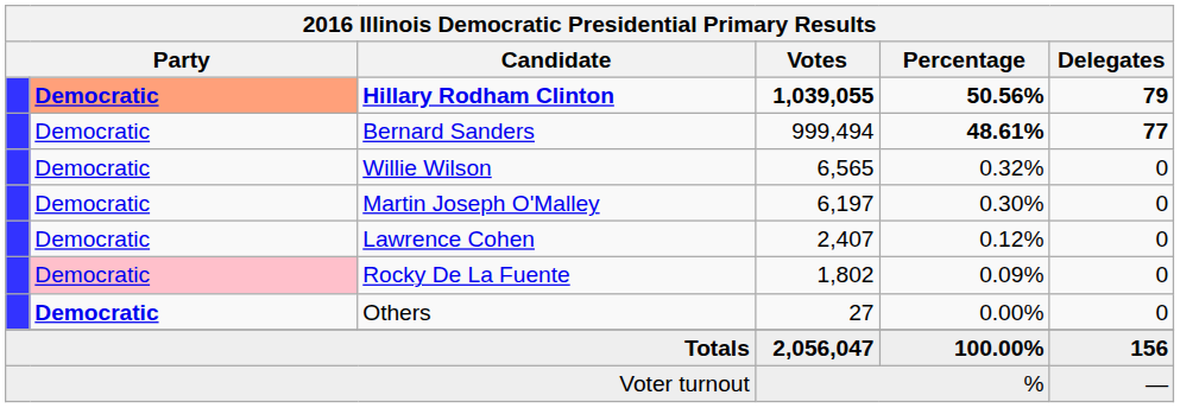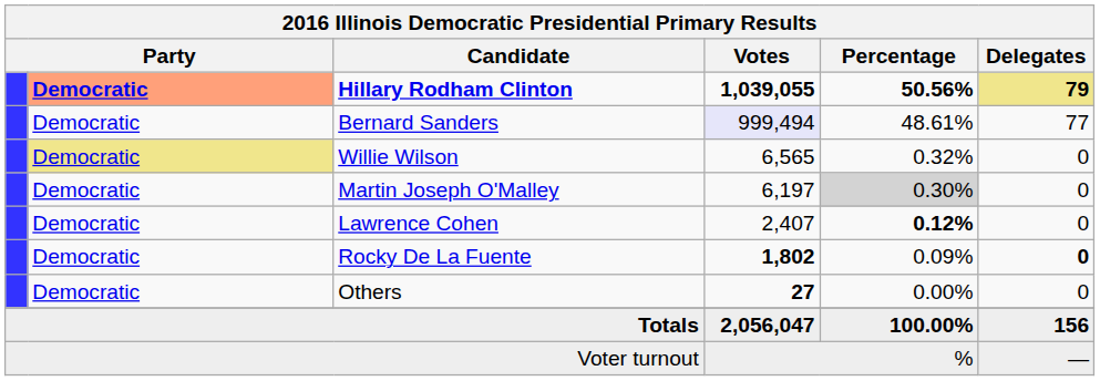 <table class="wikitable" style="font-size:95%;">
 <tr>
 <th colspan="7">2016 Illinois Democratic Presidential Primary Results</th>
 </tr>
 <tr>
 <th colspan="2" style="width: 15em">Party</th>
 <th style="width: 17em">Candidate</th>
 <th style="width: 5em">Votes</th>
 <th style="width: 7em">Percentage</th>
 <th style="width: 5em">Delegates</th>
 </tr>
 <tr>
 <th style="background-color:#3333FF; width: 3px"></th>
 <td style="background: lightsalmon; width: 130px"><strong><a href='#'>Democratic</a></strong></td>
 <td><strong><a href='#'>Hillary Rodham Clinton</a></strong></td>
 <td align="right"><strong>1,039,055</strong></td>
 <td align="right"><strong>50.56%</strong></td>
-<td align="right"><strong>79</strong></td>
+<td align="right" style="background: khaki;"><strong>79</strong></td>
 </tr>
 <tr>
 <th style="background-color:#3333FF; width: 3px"></th>
 <td style="width: 130px"><a href='#'>Democratic</a></td>
 <td><a href='#'>Bernard Sanders</a></td>
-<td align="right">999,494</td>
-<td align="right"><strong>48.61%</strong></td>
-<td align="right"><strong>77</strong></td>
+<td align="right" style="background: lavender;">999,494</td>
+<td align="right">48.61%</td>
+<td align="right">77</td>
 </tr>
 <tr>
 <th style="background-color:#3333FF; width: 3px"></th>
-<td style="width: 130px"><a href='#'>Democratic</a></td>
+<td style="background: khaki; width: 130px"><a href='#'>Democratic</a></td>
 <td><a href='#'>Willie Wilson</a></td>
 <td align="right">6,565</td>
 <td align="right">0.32%</td>
 <td align="right">0</td>
 </tr>
 <tr>
 <th style="background-color:#3333FF; width: 3px"></th>
 <td style="width: 130px"><a href='#'>Democratic</a></td>
 <td><a href='#'>Martin Joseph O'Malley</a></td>
 <td align="right">6,197</td>
-<td align="right">0.30%</td>
+<td align="right" style="background: lightgrey;">0.30%</td>
 <td align="right">0</td>
 </tr>
 <tr>
 <th style="background-color:#3333FF; width: 3px"></th>
 <td style="width: 130px"><a href='#'>Democratic</a></td>
 <td><a href='#'>Lawrence Cohen</a></td>
 <td align="right">2,407</td>
-<td align="right">0.12%</td>
+<td align="right"><strong>0.12%</strong></td>
 <td align="right">0</td>
 </tr>
 <tr>
 <th style="background-color:#3333FF; width: 3px"></th>
-<td style="background: pink; width: 130px"><a href='#'>Democratic</a></td>
+<td style="width: 130px"><a href='#'>Democratic</a></td>
 <td><a href='#'>Rocky De La Fuente</a></td>
-<td align="right">1,802</td>
+<td align="right"><strong>1,802</strong></td>
 <td align="right">0.09%</td>
-<td align="right">0</td>
+<td align="right"><strong>0</strong></td>
 </tr>
 <tr>
 <th style="background-color:#3333FF; width: 3px"></th>
-<td style="width: 130px"><strong><a href='#'>Democratic</a></strong></td>
+<td style="width: 130px"><a href='#'>Democratic</a></td>
 <td>Others</td>
-<td align="right">27</td>
+<td align="right"><strong>27</strong></td>
 <td align="right">0.00%</td>
 <td align="right">0</td>
 </tr>
 <tr>
 </tr>
 <tr bgcolor="#EEEEEE">
 <td colspan="3" align="right"><strong>Totals</strong></td>
 <td align="right"><strong>2,056,047</strong></td>
 <td align="right"><strong>100.00%</strong></td>
 <td align="right"><strong>156</strong></td>
 </tr>
 <tr bgcolor="#EEEEEE">
 <td colspan="3" align="right">Voter turnout</td>
 <td colspan="2" align="right">%</td>
 <td align="right">—</td>
 </tr>
 </table>
